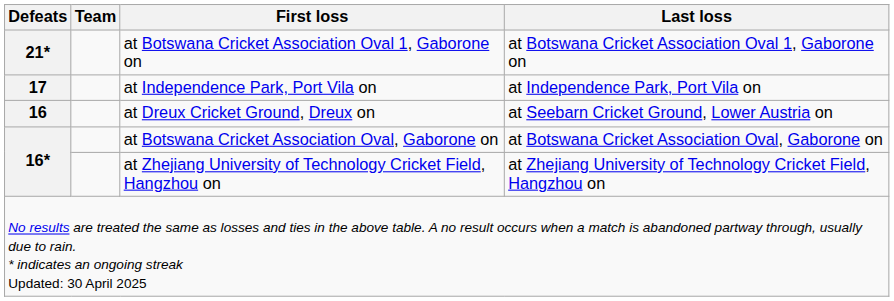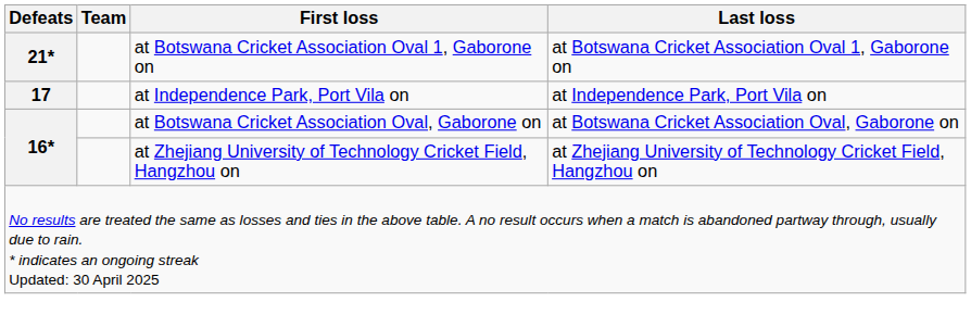 <table class="wikitable">
 <tr>
 <th scope="col">Defeats</th>
 <th scope="col">Team</th>
 <th scope="col">First loss</th>
 <th scope="col">Last loss</th>
 </tr>
 <tr>
 <th scope="row">21*</th>
 <td></td>
 <td> at <a href='#'>Botswana Cricket Association Oval 1</a>, <a href='#'>Gaborone</a> on </td>
 <td> at <a href='#'>Botswana Cricket Association Oval 1</a>, <a href='#'>Gaborone</a> on </td>
 </tr>
 <tr>
 <th scope="row">17</th>
 <td></td>
 <td> at <a href='#'>Independence Park, Port Vila</a> on </td>
 <td> at <a href='#'>Independence Park, Port Vila</a> on </td>
 </tr>
 <tr>
-<th scope="row">16</th>
-<td></td>
-<td> at <a href='#'>Dreux Cricket Ground</a>, <a href='#'>Dreux</a> on </td>
-<td> at <a href='#'>Seebarn Cricket Ground</a>, <a href='#'>Lower Austria</a> on </td>
-</tr>
-<tr>
 <th scope="row" rowspan=2>16*</th>
 <td></td>
 <td> at <a href='#'>Botswana Cricket Association Oval</a>, <a href='#'>Gaborone</a> on </td>
 <td> at <a href='#'>Botswana Cricket Association Oval</a>, <a href='#'>Gaborone</a> on </td>
 </tr>
 <tr>
 <td></td>
 <td> at <a href='#'>Zhejiang University of Technology Cricket Field</a>, <a href='#'>Hangzhou</a> on </td>
 <td> at <a href='#'>Zhejiang University of Technology Cricket Field</a>, <a href='#'>Hangzhou</a> on </td>
 </tr>
 <tr>
 <td scope="row" colspan=4><br><small><em><a href='#'>No results</a> are treated the same as losses and ties in the above table. A no result occurs when a match is abandoned partway through, usually due to rain.</em><br><em>* indicates an ongoing streak</em></small> <br><small>Updated: 30 April 2025</small></td>
 </tr>
 </table>
